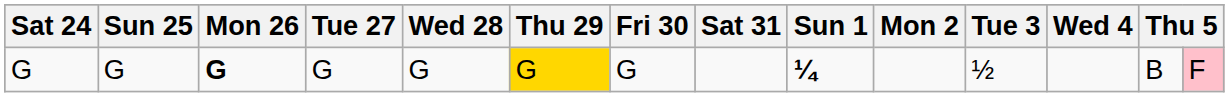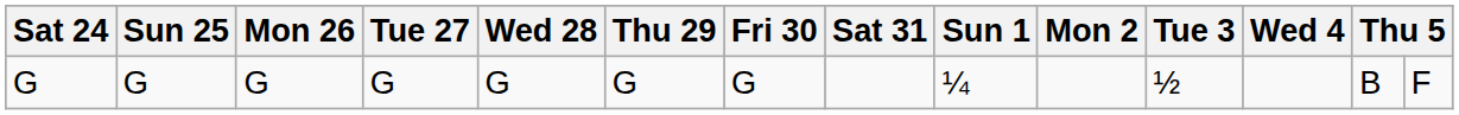 <table class="wikitable olympic-schedule field-hockey">
 <tr>
 <th>Sat 24</th>
 <th>Sun 25</th>
 <th>Mon 26</th>
 <th>Tue 27</th>
 <th>Wed 28</th>
 <th>Thu 29</th>
 <th>Fri 30</th>
 <th>Sat 31</th>
 <th>Sun 1</th>
 <th>Mon 2</th>
 <th>Tue 3</th>
 <th>Wed 4</th>
 <th colspan="2">Thu 5</th>
 </tr>
 <tr>
 <td class="team-group">G</td>
 <td class="team-group">G</td>
-<td class="team-group"><strong>G</strong></td>
 <td class="team-group">G</td>
 <td class="team-group">G</td>
-<td class="team-group" style="background: gold;">G</td>
+<td class="team-group">G</td>
+<td class="team-group">G</td>
 <td class="team-group">G</td>
 <td></td>
-<td class="team-qf"><strong>¼</strong></td>
+<td class="team-qf">¼</td>
 <td></td>
 <td class="team-sf">½</td>
 <td></td>
 <td class="team-bronze">B</td>
-<td class="team-final" style="background: pink;">F</td>
+<td class="team-final">F</td>
 </tr>
 </table>
